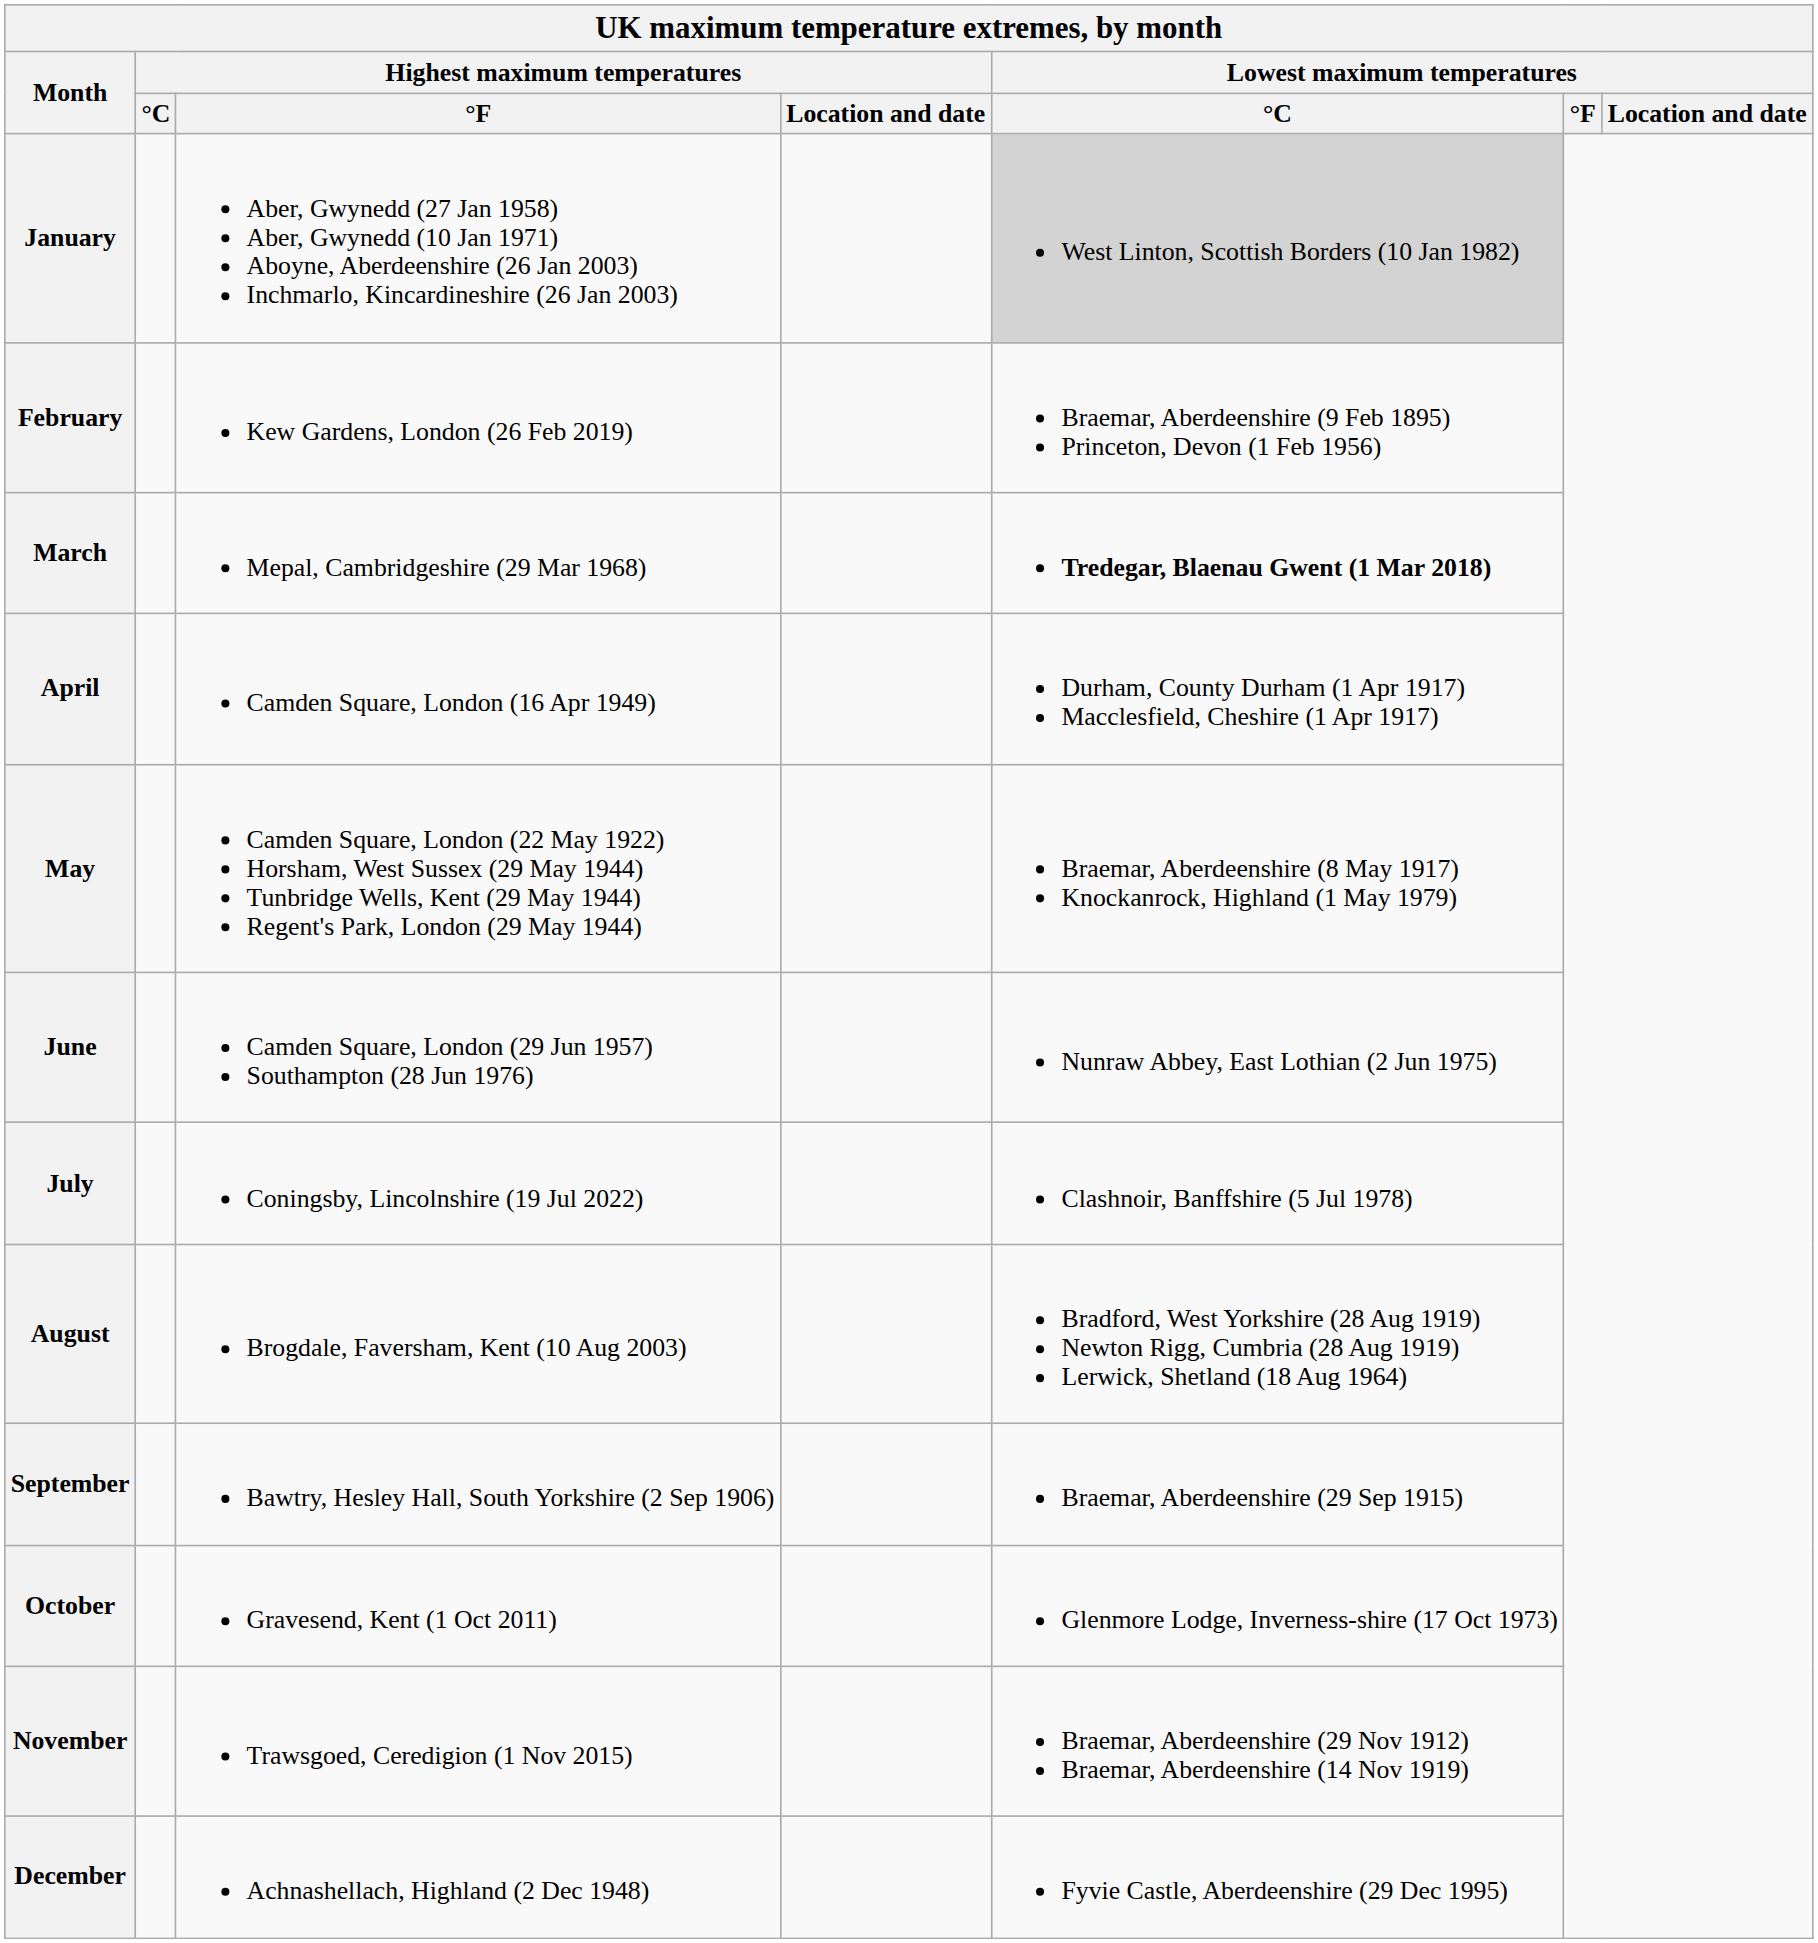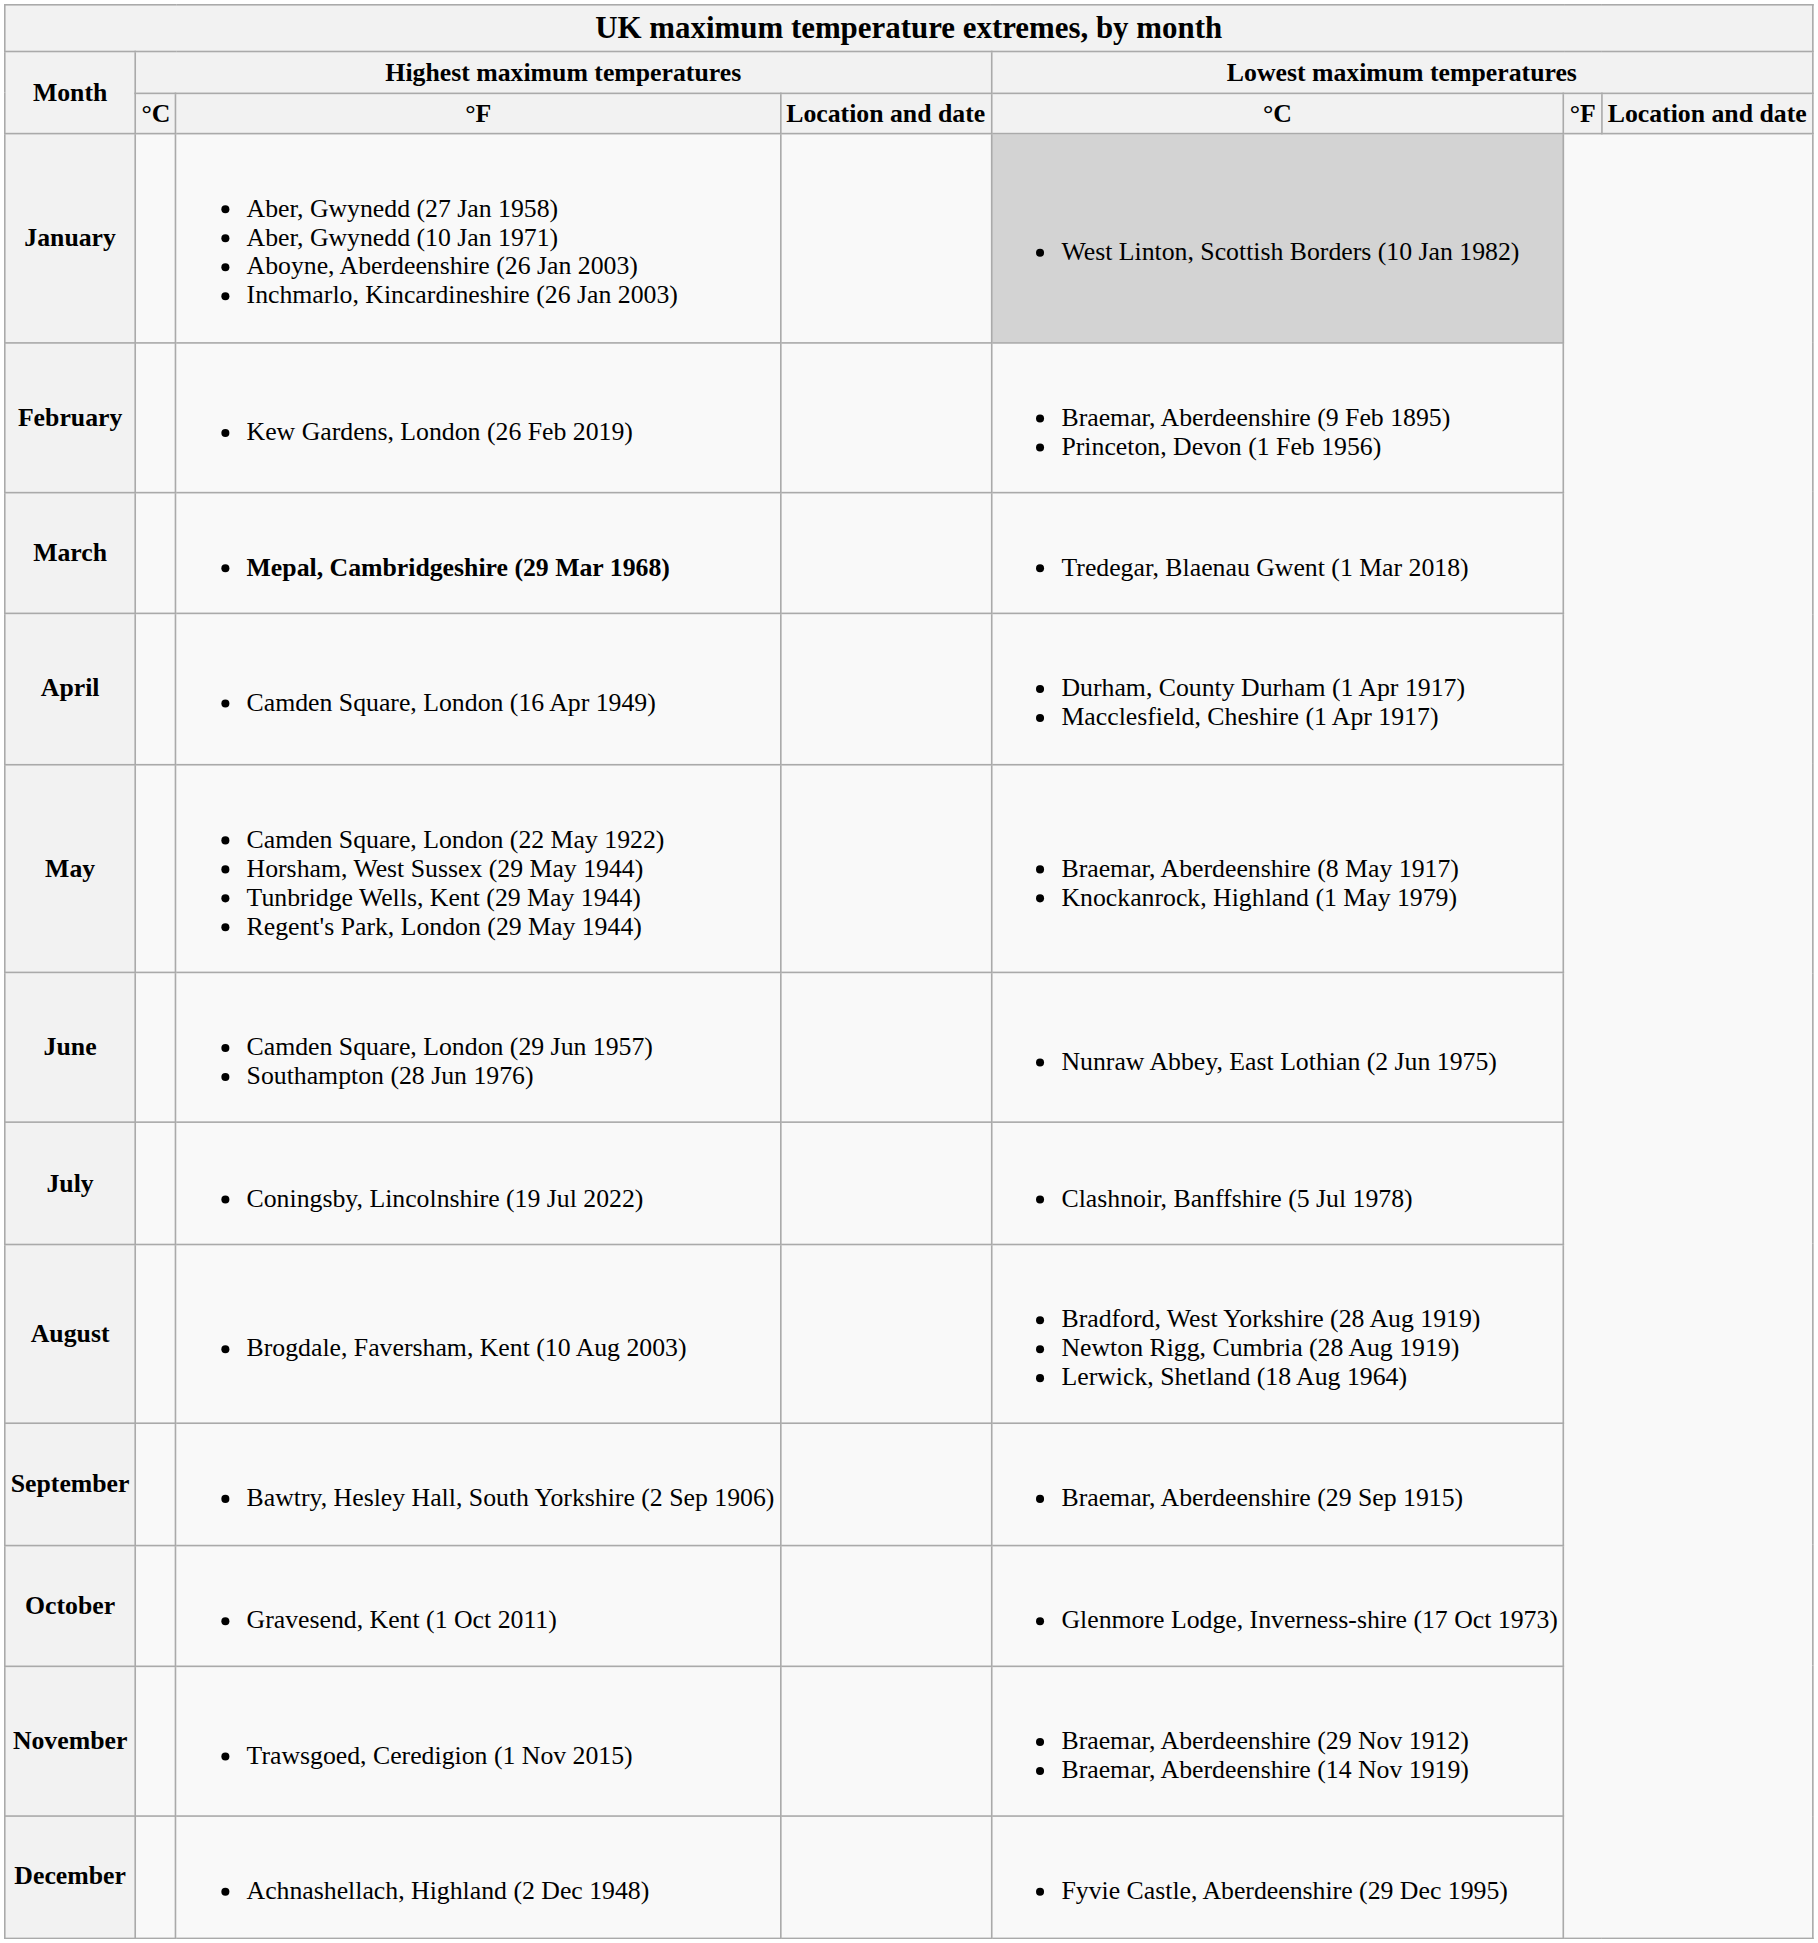 <table class=wikitable>
 <tr>
 <th colspan=7><big>UK maximum temperature extremes, by month</big></th>
 </tr>
 <tr>
 <th rowspan=2>Month</th>
 <th colspan=3>Highest maximum temperatures</th>
 <th colspan=3>Lowest maximum temperatures</th>
 </tr>
 <tr>
 <th>°C</th>
 <th>°F</th>
 <th>Location and date</th>
 <th>°C</th>
 <th>°F</th>
 <th>Location and date</th>
 </tr>
 <tr>
 <th>January</th>
 <td></td>
 <td><br><ul><li>Aber, Gwynedd (27 Jan 1958)</li><li>Aber, Gwynedd (10 Jan 1971)</li><li>Aboyne, Aberdeenshire (26 Jan 2003)</li><li>Inchmarlo, Kincardineshire (26 Jan 2003)</li></ul></td>
 <td></td>
 <td style="background: lightgrey;"><br><ul><li>West Linton, Scottish Borders (10 Jan 1982)</li></ul></td>
 </tr>
 <tr>
 <th>February</th>
 <td></td>
 <td><br><ul><li>Kew Gardens, London (26 Feb 2019)</li></ul></td>
 <td></td>
 <td><br><ul><li>Braemar, Aberdeenshire (9 Feb 1895)</li><li>Princeton, Devon (1 Feb 1956)</li></ul></td>
 </tr>
 <tr>
 <th>March</th>
 <td></td>
-<td><br><ul><li>Mepal, Cambridgeshire (29 Mar 1968)</li></ul></td>
+<td><strong><br><ul><li>Mepal, Cambridgeshire (29 Mar 1968)</li></ul></strong></td>
 <td></td>
-<td><strong><br><ul><li>Tredegar, Blaenau Gwent (1 Mar 2018)</li></ul></strong></td>
+<td><br><ul><li>Tredegar, Blaenau Gwent (1 Mar 2018)</li></ul></td>
 </tr>
 <tr>
 <th>April</th>
 <td></td>
 <td><br><ul><li>Camden Square, London (16 Apr 1949)</li></ul></td>
 <td></td>
 <td><br><ul><li>Durham, County Durham (1 Apr 1917)</li><li>Macclesfield, Cheshire (1 Apr 1917)</li></ul></td>
 </tr>
 <tr>
 <th>May</th>
 <td></td>
 <td><br><ul><li>Camden Square, London (22 May 1922)</li><li>Horsham, West Sussex (29 May 1944)</li><li>Tunbridge Wells, Kent (29 May 1944)</li><li>Regent's Park, London (29 May 1944)</li></ul></td>
 <td></td>
 <td><br><ul><li>Braemar, Aberdeenshire (8 May 1917)</li><li>Knockanrock, Highland (1 May 1979)</li></ul></td>
 </tr>
 <tr>
 <th>June</th>
 <td></td>
 <td><br><ul><li>Camden Square, London (29 Jun 1957)</li><li>Southampton (28 Jun 1976)</li></ul></td>
 <td></td>
 <td><br><ul><li>Nunraw Abbey, East Lothian (2 Jun 1975)</li></ul></td>
 </tr>
 <tr>
 <th>July</th>
 <td></td>
 <td><br><ul><li>Coningsby, Lincolnshire (19 Jul 2022)</li></ul></td>
 <td></td>
 <td><br><ul><li>Clashnoir, Banffshire (5 Jul 1978)</li></ul></td>
 </tr>
 <tr>
 <th>August</th>
 <td></td>
 <td><br><ul><li>Brogdale, Faversham, Kent (10 Aug 2003)</li></ul></td>
 <td></td>
 <td><br><ul><li>Bradford, West Yorkshire (28 Aug 1919)</li><li>Newton Rigg, Cumbria (28 Aug 1919)</li><li>Lerwick, Shetland (18 Aug 1964)</li></ul></td>
 </tr>
 <tr>
 <th>September</th>
 <td></td>
 <td><br><ul><li>Bawtry, Hesley Hall, South Yorkshire (2 Sep 1906)</li></ul></td>
 <td></td>
 <td><br><ul><li>Braemar, Aberdeenshire (29 Sep 1915)</li></ul></td>
 </tr>
 <tr>
 <th>October</th>
 <td></td>
 <td><br><ul><li>Gravesend, Kent (1 Oct 2011)</li></ul></td>
 <td></td>
 <td><br><ul><li>Glenmore Lodge, Inverness-shire (17 Oct 1973)</li></ul></td>
 </tr>
 <tr>
 <th>November</th>
 <td></td>
 <td><br><ul><li>Trawsgoed, Ceredigion (1 Nov 2015)</li></ul></td>
 <td></td>
 <td><br><ul><li>Braemar, Aberdeenshire (29 Nov 1912)</li><li>Braemar, Aberdeenshire (14 Nov 1919)</li></ul></td>
 </tr>
 <tr>
 <th>December</th>
 <td></td>
 <td><br><ul><li>Achnashellach, Highland (2 Dec 1948)</li></ul></td>
 <td></td>
 <td><br><ul><li>Fyvie Castle, Aberdeenshire (29 Dec 1995)</li></ul></td>
 </tr>
 </table>
